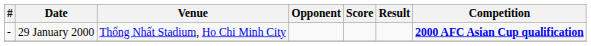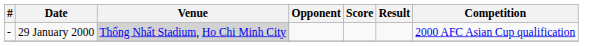 <table class="wikitable">
 <tr>
 <th>#</th>
 <th>Date</th>
 <th>Venue</th>
 <th>Opponent</th>
 <th>Score</th>
 <th>Result</th>
 <th>Competition</th>
 </tr>
 <tr>
 <td>-</td>
 <td>29 January 2000</td>
-<td><a href='#'>Thống Nhất Stadium</a>, <a href='#'>Ho Chi Minh City</a></td>
+<td style="background: lightgrey;"><a href='#'>Thống Nhất Stadium</a>, <a href='#'>Ho Chi Minh City</a></td>
 <td></td>
 <td></td>
 <td></td>
-<td><strong><a href='#'>2000 AFC Asian Cup qualification</a></strong></td>
+<td><a href='#'>2000 AFC Asian Cup qualification</a></td>
 </tr>
 <tr>
 </tr>
 </table>
